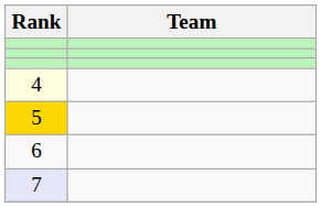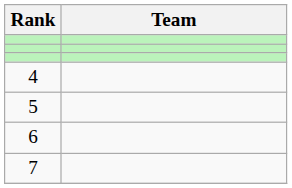 <table class="wikitable" style="text-align:center">
 <tr>
 <th width=40>Rank</th>
 <th width=180>Team</th>
 </tr>
 <tr bgcolor=#BBF3BB>
 <td></td>
 <td style="text-align:left"></td>
 </tr>
 <tr bgcolor=#BBF3BB>
 <td></td>
 <td style="text-align:left"></td>
 </tr>
 <tr bgcolor=#BBF3BB>
 <td></td>
 <td style="text-align:left"></td>
 </tr>
 <tr>
-<td style="background: lightyellow;">4</td>
+<td>4</td>
 <td style="text-align:left"></td>
 </tr>
 <tr>
-<td style="background: gold;">5</td>
+<td>5</td>
 <td style="text-align:left"></td>
 </tr>
 <tr>
 <td>6</td>
 <td style="text-align:left"></td>
 </tr>
 <tr>
-<td style="background: lavender;">7</td>
+<td>7</td>
 <td style="text-align:left"></td>
 </tr>
 <tr>
 </tr>
 </table>
